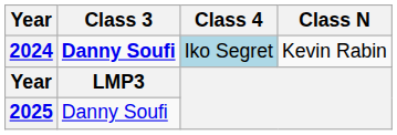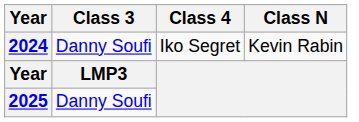 <table class="wikitable">
 <tr>
 <th>Year</th>
 <th>Class 3</th>
 <th>Class 4</th>
 <th>Class N</th>
 </tr>
 <tr>
 <th><a href='#'>2024</a></th>
-<td><strong> <a href='#'>Danny Soufi</a></strong></td>
-<td style="background: lightblue;"> Iko Segret</td>
+<td> <a href='#'>Danny Soufi</a></td>
+<td> Iko Segret</td>
 <td> Kevin Rabin</td>
 </tr>
 <tr>
 <th>Year</th>
 <th>LMP3</th>
 <th colspan="2" rowspan="2"></th>
 </tr>
 <tr>
 <th><a href='#'>2025</a></th>
 <td> <a href='#'>Danny Soufi</a></td>
 </tr>
 </table>
